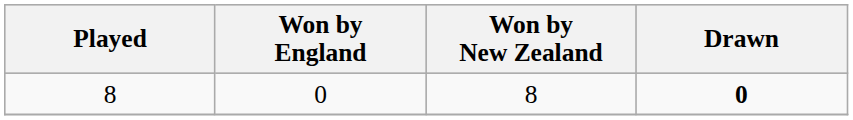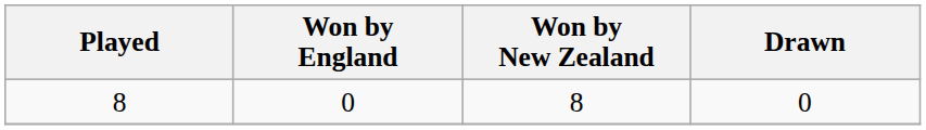 <table class="wikitable">
 <tr>
 <th width="125">Played</th>
 <th width="125">Won by<br>England</th>
 <th width="125">Won by<br>New Zealand</th>
 <th width="125">Drawn</th>
 </tr>
 <tr>
 <td align=center>8</td>
 <td align=center>0</td>
 <td align=center>8</td>
-<td align=center><strong>0</strong></td>
+<td align=center>0</td>
 </tr>
 <tr>
 </tr>
 </table>
